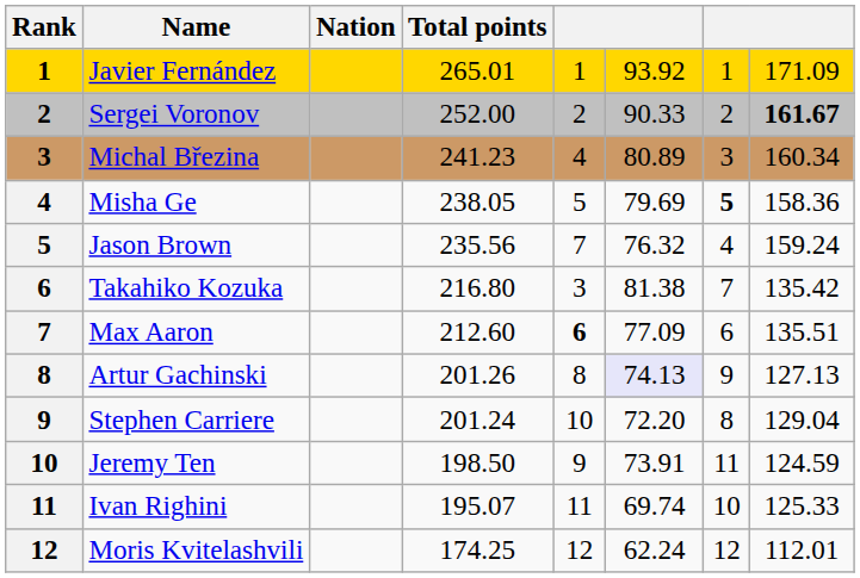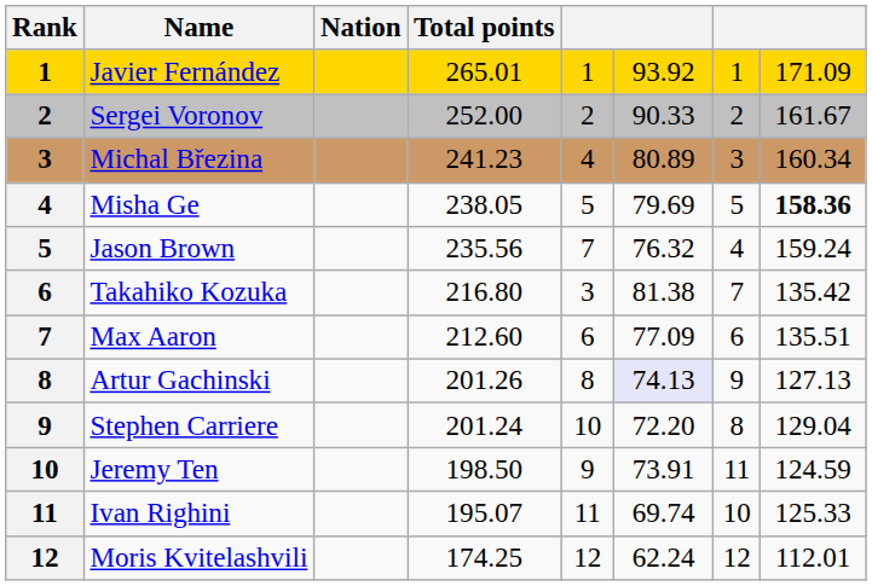 <table class="wikitable sortable">
 <tr>
 <th>Rank</th>
 <th>Name</th>
 <th>Nation</th>
 <th>Total points</th>
 <th colspan="2" width="80px"></th>
 <th colspan="2" width="80px"></th>
 </tr>
 <tr bgcolor="gold">
 <td align="center"><strong>1</strong></td>
 <td><a href='#'>Javier Fernández</a></td>
 <td></td>
 <td align="center">265.01</td>
 <td align="center">1</td>
 <td align="center">93.92</td>
 <td align="center">1</td>
 <td align="center">171.09</td>
 </tr>
 <tr bgcolor="silver">
 <td align="center"><strong>2</strong></td>
 <td><a href='#'>Sergei Voronov</a></td>
 <td></td>
 <td align="center">252.00</td>
 <td align="center">2</td>
 <td align="center">90.33</td>
 <td align="center">2</td>
-<td align="center"><strong>161.67</strong></td>
+<td align="center">161.67</td>
 </tr>
 <tr bgcolor="cc9966">
 <td align="center"><strong>3</strong></td>
 <td><a href='#'>Michal Březina</a></td>
 <td></td>
 <td align="center">241.23</td>
 <td align="center">4</td>
 <td align="center">80.89</td>
 <td align="center">3</td>
 <td align="center">160.34</td>
 </tr>
 <tr>
 <th>4</th>
 <td><a href='#'>Misha Ge</a></td>
 <td></td>
 <td align="center">238.05</td>
 <td align="center">5</td>
 <td align="center">79.69</td>
-<td align="center"><strong>5</strong></td>
-<td align="center">158.36</td>
+<td align="center">5</td>
+<td align="center"><strong>158.36</strong></td>
 </tr>
 <tr>
 <th>5</th>
 <td><a href='#'>Jason Brown</a></td>
 <td></td>
 <td align="center">235.56</td>
 <td align="center">7</td>
 <td align="center">76.32</td>
 <td align="center">4</td>
 <td align="center">159.24</td>
 </tr>
 <tr>
 <th>6</th>
 <td><a href='#'>Takahiko Kozuka</a></td>
 <td></td>
 <td align="center">216.80</td>
 <td align="center">3</td>
 <td align="center">81.38</td>
 <td align="center">7</td>
 <td align="center">135.42</td>
 </tr>
 <tr>
 <th>7</th>
 <td><a href='#'>Max Aaron</a></td>
 <td></td>
 <td align="center">212.60</td>
-<td align="center"><strong>6</strong></td>
+<td align="center">6</td>
 <td align="center">77.09</td>
 <td align="center">6</td>
 <td align="center">135.51</td>
 </tr>
 <tr>
 <th>8</th>
 <td><a href='#'>Artur Gachinski</a></td>
 <td></td>
 <td align="center">201.26</td>
 <td align="center">8</td>
 <td align="center" style="background: lavender;">74.13</td>
 <td align="center">9</td>
 <td align="center">127.13</td>
 </tr>
 <tr>
 <th>9</th>
 <td><a href='#'>Stephen Carriere</a></td>
 <td></td>
 <td align="center">201.24</td>
 <td align="center">10</td>
 <td align="center">72.20</td>
 <td align="center">8</td>
 <td align="center">129.04</td>
 </tr>
 <tr>
 <th>10</th>
 <td><a href='#'>Jeremy Ten</a></td>
 <td></td>
 <td align="center">198.50</td>
 <td align="center">9</td>
 <td align="center">73.91</td>
 <td align="center">11</td>
 <td align="center">124.59</td>
 </tr>
 <tr>
 <th>11</th>
 <td><a href='#'>Ivan Righini</a></td>
 <td></td>
 <td align="center">195.07</td>
 <td align="center">11</td>
 <td align="center">69.74</td>
 <td align="center">10</td>
 <td align="center">125.33</td>
 </tr>
 <tr>
 <th>12</th>
 <td><a href='#'>Moris Kvitelashvili</a></td>
 <td></td>
 <td align="center">174.25</td>
 <td align="center">12</td>
 <td align="center">62.24</td>
 <td align="center">12</td>
 <td align="center">112.01</td>
 </tr>
 </table>
